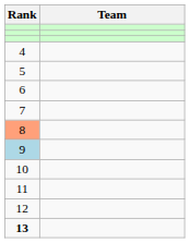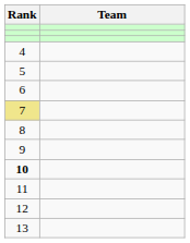 <table class=wikitable style="text-align:center;">
 <tr>
 <th>Rank</th>
 <th width=180>Team</th>
 </tr>
 <tr bgcolor=ccffcc>
 <td></td>
 <td align=left></td>
 </tr>
 <tr bgcolor=ccffcc>
 <td></td>
 <td align=left></td>
 </tr>
 <tr bgcolor=ccffcc>
 <td></td>
 <td align=left></td>
 </tr>
 <tr>
 <td>4</td>
 <td align=left></td>
 </tr>
 <tr>
 <td>5</td>
 <td align=left></td>
 </tr>
 <tr>
 <td>6</td>
 <td align=left></td>
 </tr>
 <tr>
-<td>7</td>
+<td style="background: khaki;">7</td>
 <td align=left></td>
 </tr>
 <tr>
-<td style="background: lightsalmon;">8</td>
+<td>8</td>
 <td align=left></td>
 </tr>
 <tr>
-<td style="background: lightblue;">9</td>
+<td>9</td>
 <td align=left></td>
 </tr>
 <tr>
-<td>10</td>
+<td><strong>10</strong></td>
 <td align=left></td>
 </tr>
 <tr>
 <td>11</td>
 <td align=left></td>
 </tr>
 <tr>
 <td>12</td>
 <td align=left></td>
 </tr>
 <tr>
-<td><strong>13</strong></td>
+<td>13</td>
 <td align=left></td>
 </tr>
 </table>
